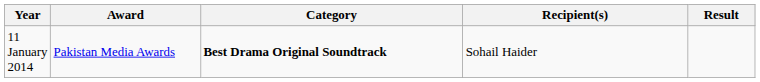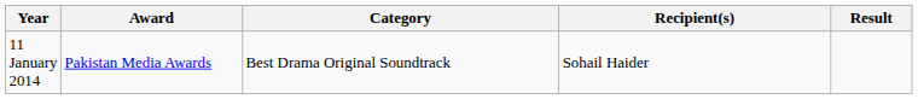 <table class="wikitable" width="100%" style="font-size: 95%;">
 <tr style="background:#ccc; text-align:center;">
 <th scope="col" width="6%">Year</th>
 <th scope="col" width="20%">Award</th>
 <th scope="col" width="35%">Category</th>
 <th scope="col" width="30%">Recipient(s)</th>
 <th scope="col" width="10%">Result</th>
 </tr>
 <tr>
 <td rowspan=2>11 January 2014</td>
 <td rowspan=2><a href='#'>Pakistan Media Awards</a></td>
-<td><strong>Best Drama Original Soundtrack</strong></td>
+<td>Best Drama Original Soundtrack</td>
 <td>Sohail Haider</td>
 <td></td>
 </tr>
 </table>
